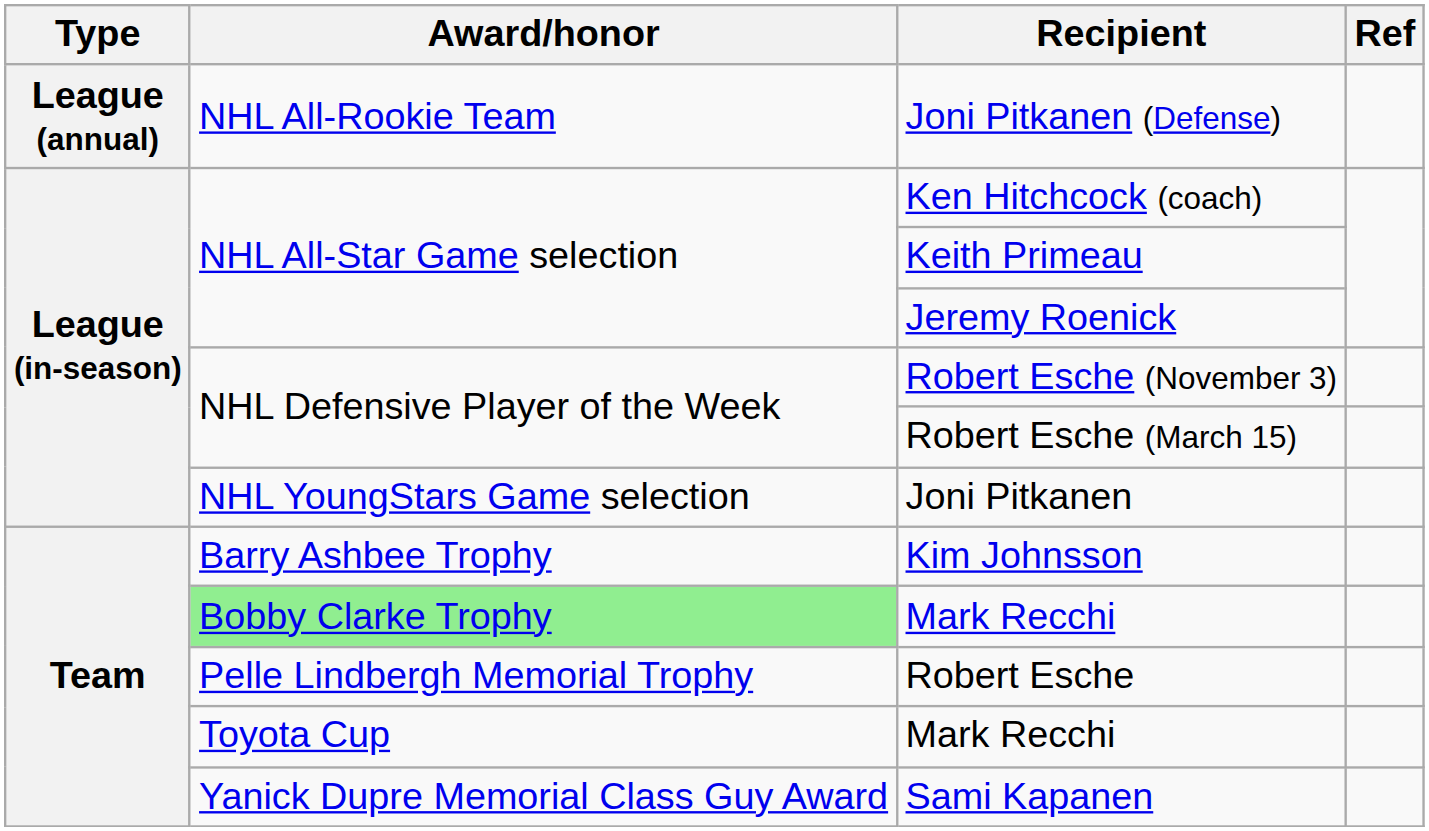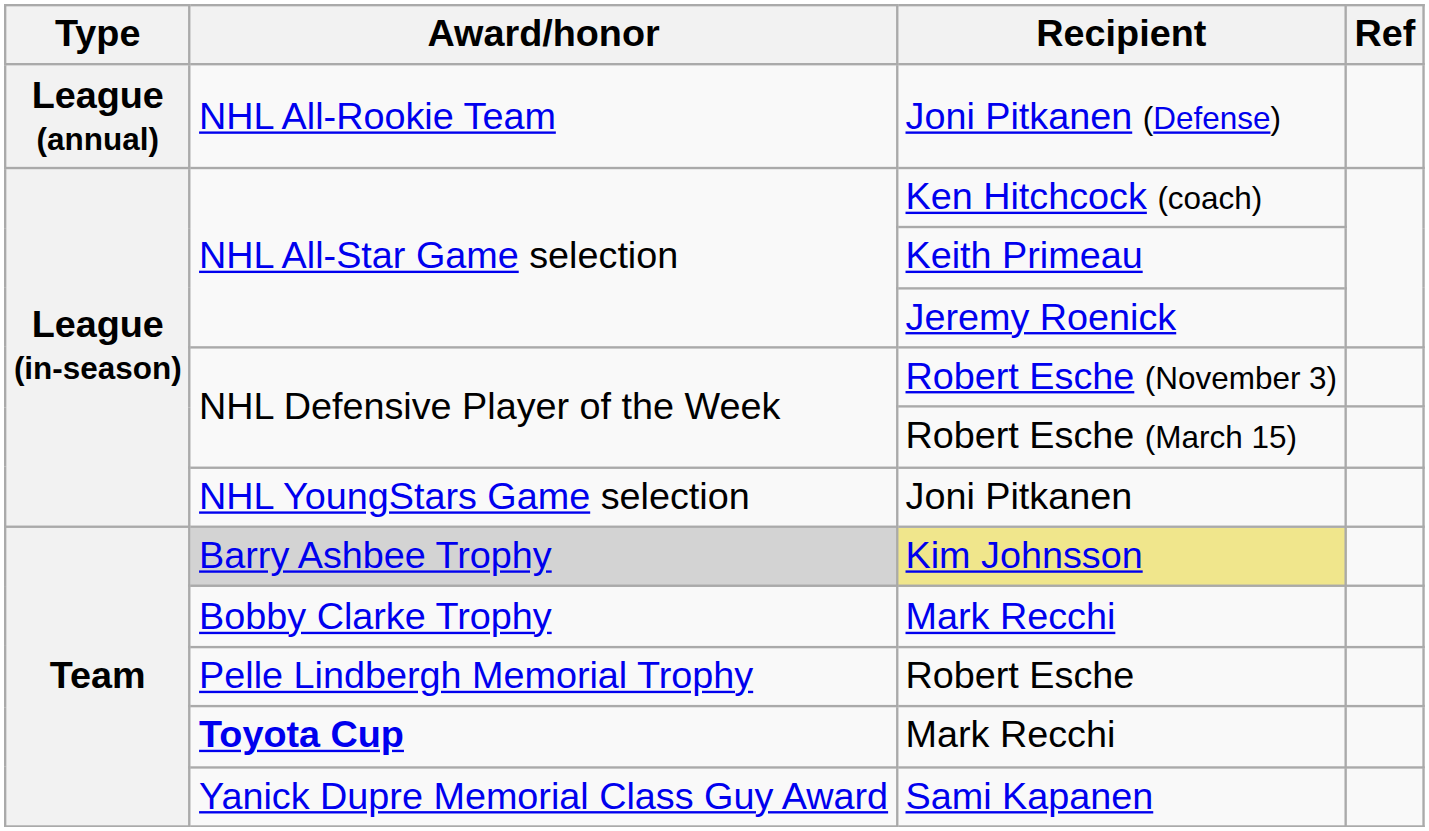 <table class="wikitable">
 <tr>
 <th scope="col">Type</th>
 <th scope="col">Award/honor</th>
 <th scope="col">Recipient</th>
 <th scope="col">Ref</th>
 </tr>
 <tr>
 <th scope="row">League<br><small>(annual)</small></th>
 <td><a href='#'>NHL All-Rookie Team</a></td>
 <td><a href='#'>Joni Pitkanen</a> <small>(<a href='#'>Defense</a>)</small></td>
 <td></td>
 </tr>
 <tr>
 <th scope="row" rowspan="6">League<br><small>(in-season)</small></th>
 <td rowspan="3"><a href='#'>NHL All-Star Game</a> selection</td>
 <td><a href='#'>Ken Hitchcock</a> <small>(coach)</small></td>
 <td rowspan="3"></td>
 </tr>
 <tr>
 <td><a href='#'>Keith Primeau</a></td>
 </tr>
 <tr>
 <td><a href='#'>Jeremy Roenick</a></td>
 </tr>
 <tr>
 <td rowspan="2">NHL Defensive Player of the Week</td>
 <td><a href='#'>Robert Esche</a> <small>(November 3)</small></td>
 <td></td>
 </tr>
 <tr>
 <td>Robert Esche <small>(March 15)</small></td>
 <td></td>
 </tr>
 <tr>
 <td><a href='#'>NHL YoungStars Game</a> selection</td>
 <td>Joni Pitkanen</td>
 <td></td>
 </tr>
 <tr>
 <th scope="row" rowspan="5">Team</th>
-<td><a href='#'>Barry Ashbee Trophy</a></td>
-<td><a href='#'>Kim Johnsson</a></td>
+<td style="background: lightgrey;"><a href='#'>Barry Ashbee Trophy</a></td>
+<td style="background: khaki;"><a href='#'>Kim Johnsson</a></td>
 <td></td>
 </tr>
 <tr>
-<td style="background: lightgreen;"><a href='#'>Bobby Clarke Trophy</a></td>
+<td><a href='#'>Bobby Clarke Trophy</a></td>
 <td><a href='#'>Mark Recchi</a></td>
 <td></td>
 </tr>
 <tr>
 <td><a href='#'>Pelle Lindbergh Memorial Trophy</a></td>
 <td>Robert Esche</td>
 <td></td>
 </tr>
 <tr>
-<td><a href='#'>Toyota Cup</a></td>
+<td><strong><a href='#'>Toyota Cup</a></strong></td>
 <td>Mark Recchi</td>
 <td></td>
 </tr>
 <tr>
 <td><a href='#'>Yanick Dupre Memorial Class Guy Award</a></td>
 <td><a href='#'>Sami Kapanen</a></td>
 <td></td>
 </tr>
 </table>
